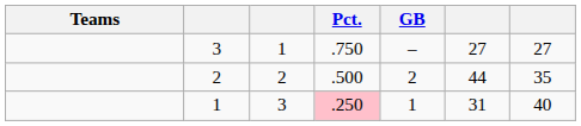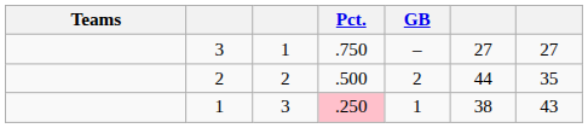 <table class="wikitable" style="text-align:center;">
 <tr>
 <th width=150px>Teams</th>
 <th width=50px></th>
 <th width=50px></th>
 <th width=50px><a href='#'>Pct.</a></th>
 <th width=50px><a href='#'>GB</a></th>
 <th width=50px></th>
 <th width=50px></th>
 </tr>
 <tr>
 <td align=left></td>
 <td>3</td>
 <td>1</td>
 <td>.750</td>
 <td>–</td>
 <td>27</td>
 <td>27</td>
 </tr>
 <tr>
 <td align=left></td>
 <td>2</td>
 <td>2</td>
 <td>.500</td>
 <td>2</td>
 <td>44</td>
 <td>35</td>
 </tr>
 <tr>
 <td align=left></td>
 <td>1</td>
 <td>3</td>
 <td style="background: pink;">.250</td>
 <td>1</td>
-<td>31</td>
-<td>40</td>
+<td>38</td>
+<td>43</td>
 </tr>
 </table>
